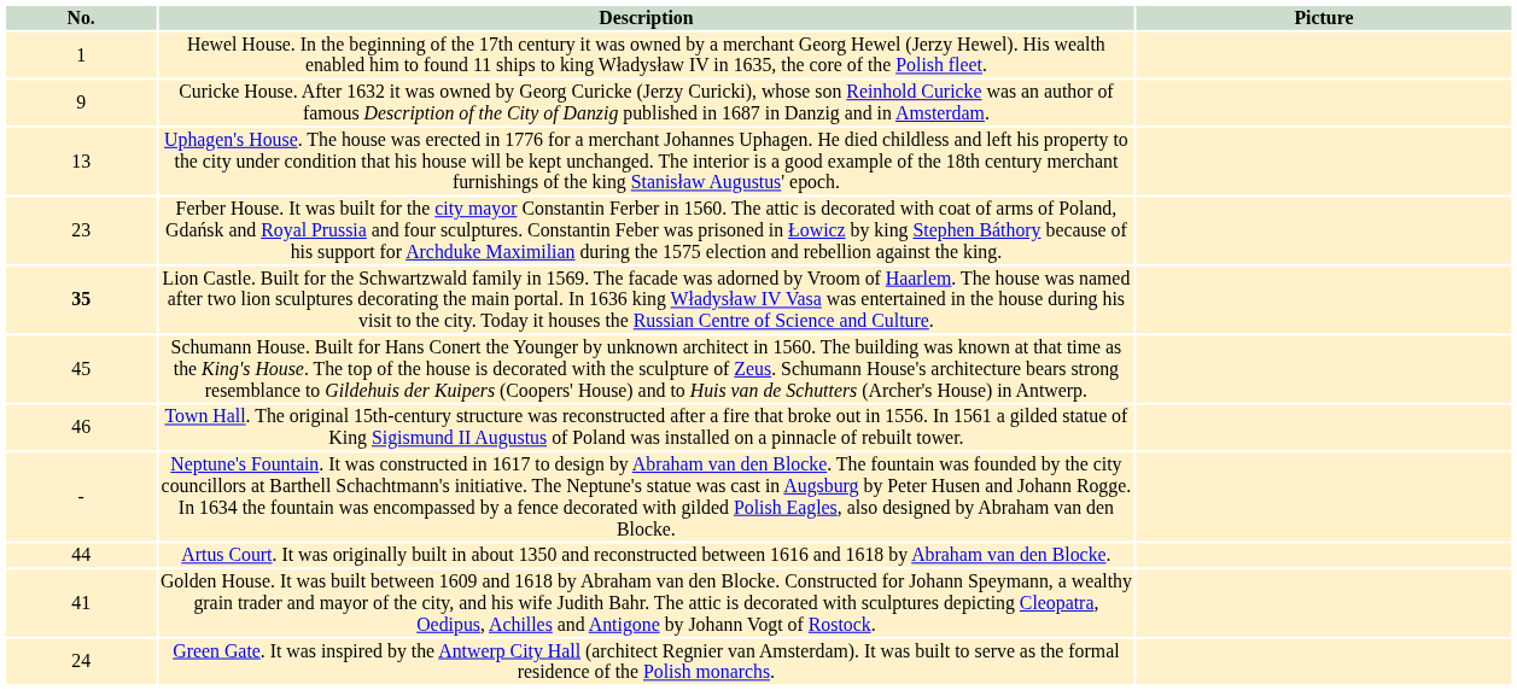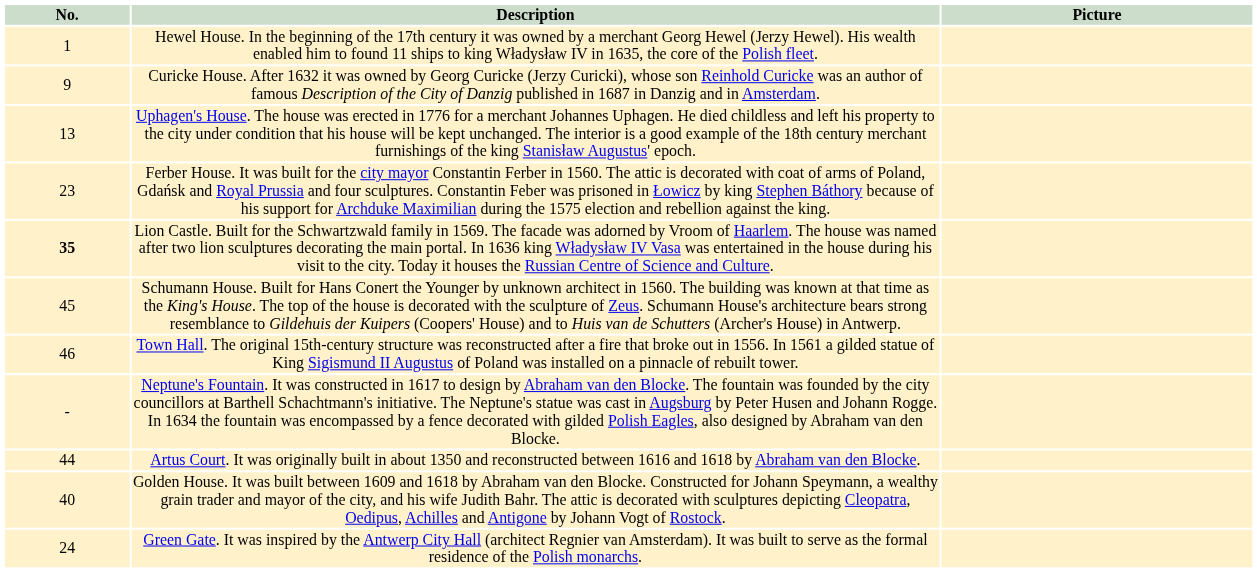 <table>
 <tr ---- bgcolor="#ccddcc">
 <th width=4%>No.</th>
 <th width=26%>Description</th>
 <th width=10%>Picture</th>
 </tr>
 <tr ---- bgcolor="#FFF2CA">
 <td align="center">1</td>
 <td align="center">Hewel House. In the beginning of the 17th century it was owned by a merchant Georg Hewel (Jerzy Hewel). His wealth enabled him to found 11 ships to king Władysław IV in 1635, the core of the <a href='#'>Polish fleet</a>.</td>
 <td align="center"></td>
 </tr>
 <tr ---- bgcolor="#FFF2CA">
 <td align="center">9</td>
 <td align="center">Curicke House. After 1632 it was owned by Georg Curicke (Jerzy Curicki), whose son <a href='#'>Reinhold Curicke</a> was an author of famous <em>Description of the City of Danzig</em> published in 1687 in Danzig and in <a href='#'>Amsterdam</a>.</td>
 <td align="center"></td>
 </tr>
 <tr ---- bgcolor="#FFF2CA">
 <td align="center">13</td>
 <td align="center"><a href='#'>Uphagen's House</a>. The house was erected in 1776 for a merchant Johannes Uphagen. He died childless and left his property to the city under condition that his house will be kept unchanged. The interior is a good example of the 18th century merchant furnishings of the king <a href='#'>Stanisław Augustus</a>' epoch.</td>
 <td align="center"></td>
 </tr>
 <tr ---- bgcolor="#FFF2CA">
 <td align="center">23</td>
 <td align="center">Ferber House. It was built for the <a href='#'>city mayor</a> Constantin Ferber in 1560. The attic is decorated with coat of arms of Poland, Gdańsk and <a href='#'>Royal Prussia</a> and four sculptures. Constantin Feber was prisoned in <a href='#'>Łowicz</a> by king <a href='#'>Stephen Báthory</a> because of his support for <a href='#'>Archduke Maximilian</a> during the 1575 election and rebellion against the king.</td>
 <td align="center"></td>
 </tr>
 <tr ---- bgcolor="#FFF2CA">
 <td align="center"><strong>35</strong></td>
 <td align="center">Lion Castle. Built for the Schwartzwald family in 1569. The facade was adorned by Vroom of <a href='#'>Haarlem</a>. The house was named after two lion sculptures decorating the main portal. In 1636 king <a href='#'>Władysław IV Vasa</a> was entertained in the house during his visit to the city. Today it houses the <a href='#'>Russian Centre of Science and Culture</a>.</td>
 <td align="center"></td>
 </tr>
 <tr ---- bgcolor="#FFF2CA">
 <td align="center">45</td>
 <td align="center">Schumann House. Built for Hans Conert the Younger by unknown architect in 1560. The building was known at that time as the <em>King's House</em>. The top of the house is decorated with the sculpture of <a href='#'>Zeus</a>. Schumann House's architecture bears strong resemblance to <em>Gildehuis der Kuipers</em> (Coopers' House) and to <em>Huis van de Schutters</em> (Archer's House) in Antwerp.</td>
 <td align="center"></td>
 </tr>
 <tr ---- bgcolor="#FFF2CA">
 <td align="center">46</td>
 <td align="center"><a href='#'>Town Hall</a>. The original 15th-century structure was reconstructed after a fire that broke out in 1556. In 1561 a gilded statue of King <a href='#'>Sigismund II Augustus</a> of Poland was installed on a pinnacle of rebuilt tower.</td>
 <td align="center"></td>
 </tr>
 <tr ---- bgcolor="#FFF2CA">
 <td align="center">-</td>
 <td align="center"><a href='#'>Neptune's Fountain</a>. It was constructed in 1617 to design by <a href='#'>Abraham van den Blocke</a>. The fountain was founded by the city councillors at Barthell Schachtmann's initiative. The Neptune's statue was cast in <a href='#'>Augsburg</a> by Peter Husen and Johann Rogge. In 1634 the fountain was encompassed by a fence decorated with gilded <a href='#'>Polish Eagles</a>, also designed by Abraham van den Blocke.</td>
 <td align="center"></td>
 </tr>
 <tr ---- bgcolor="#FFF2CA">
 <td align="center">44</td>
 <td align="center"><a href='#'>Artus Court</a>. It was originally built in about 1350 and reconstructed between 1616 and 1618 by <a href='#'>Abraham van den Blocke</a>.</td>
 <td align="center"></td>
 </tr>
 <tr ---- bgcolor="#FFF2CA">
-<td align="center">41</td>
+<td align="center">40</td>
 <td align="center">Golden House. It was built between 1609 and 1618 by Abraham van den Blocke. Constructed for Johann Speymann, a wealthy grain trader and mayor of the city, and his wife Judith Bahr. The attic is decorated with sculptures depicting <a href='#'>Cleopatra</a>, <a href='#'>Oedipus</a>, <a href='#'>Achilles</a> and <a href='#'>Antigone</a> by Johann Vogt of <a href='#'>Rostock</a>.</td>
 <td align="center"></td>
 </tr>
 <tr ---- bgcolor="#FFF2CA">
 <td align="center">24</td>
 <td align="center"><a href='#'>Green Gate</a>. It was inspired by the <a href='#'>Antwerp City Hall</a> (architect Regnier van Amsterdam). It was built to serve as the formal residence of the <a href='#'>Polish monarchs</a>.</td>
 <td align="center"></td>
 </tr>
 </table>
